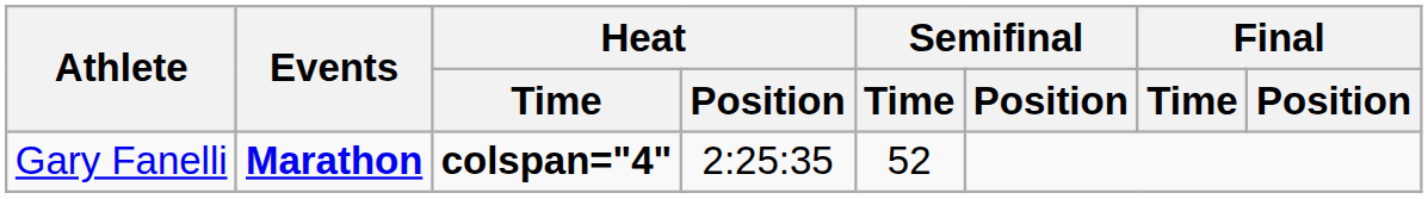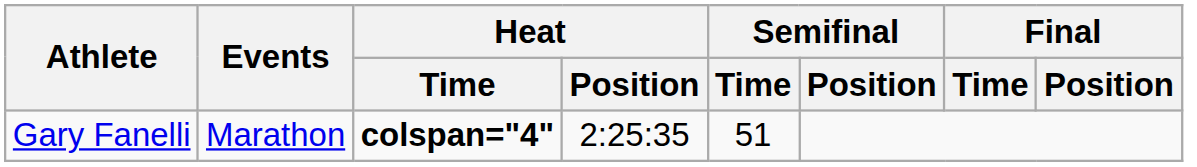 <table class=wikitable style="font-size:90%">
 <tr>
 <th rowspan="2">Athlete</th>
 <th rowspan="2">Events</th>
 <th colspan="2">Heat</th>
 <th colspan="2">Semifinal</th>
 <th colspan="2">Final</th>
 </tr>
 <tr>
 <th>Time</th>
 <th>Position</th>
 <th>Time</th>
 <th>Position</th>
 <th>Time</th>
 <th>Position</th>
 </tr>
 <tr>
 <td><a href='#'>Gary Fanelli</a></td>
-<td><strong><a href='#'>Marathon</a></strong></td>
+<td><a href='#'>Marathon</a></td>
 <td><strong>colspan="4" </strong></td>
 <td align=center>2:25:35</td>
-<td align=center>52</td>
+<td align=center>51</td>
 </tr>
 </table>
